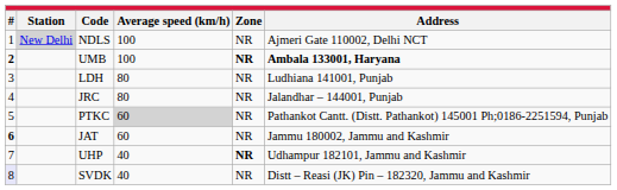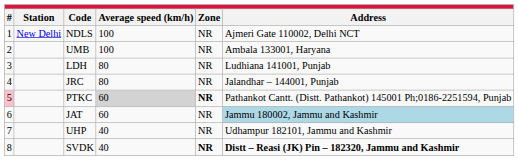 <table class="wikitable">
 <tr>
 <th style="background:#DC143C;" colspan="6"><big></big></th>
 </tr>
 <tr>
 <th><strong>#</strong></th>
 <th><strong>Station</strong></th>
 <th><strong>Code</strong></th>
 <th><strong>Average speed (km/h)</strong></th>
 <th><strong>Zone</strong></th>
 <th><strong>Address</strong></th>
 </tr>
 <tr>
 <td>1</td>
-<td style="background: lightgrey;"><a href='#'>New Delhi</a></td>
+<td><a href='#'>New Delhi</a></td>
 <td>NDLS</td>
 <td>100</td>
 <td>NR</td>
 <td>Ajmeri Gate 110002, Delhi NCT</td>
 </tr>
 <tr>
-<td><strong>2</strong></td>
+<td>2</td>
 <td></td>
 <td>UMB</td>
 <td>100</td>
-<td><strong>NR</strong></td>
-<td><strong>Ambala 133001, Haryana</strong></td>
+<td>NR</td>
+<td>Ambala 133001, Haryana</td>
 </tr>
 <tr>
 <td>3</td>
 <td></td>
 <td>LDH</td>
 <td>80</td>
 <td>NR</td>
 <td>Ludhiana 141001, Punjab</td>
 </tr>
 <tr>
 <td>4</td>
 <td></td>
 <td>JRC</td>
 <td>80</td>
 <td>NR</td>
 <td>Jalandhar – 144001, Punjab</td>
 </tr>
 <tr>
-<td>5</td>
+<td style="background: pink;">5</td>
 <td></td>
 <td>PTKC</td>
 <td style="background: lightgrey;">60</td>
-<td>NR</td>
+<td><strong>NR</strong></td>
 <td>Pathankot Cantt. (Distt. Pathankot) 145001 Ph;0186-2251594, Punjab</td>
 </tr>
 <tr>
-<td><strong>6</strong></td>
+<td>6</td>
 <td></td>
 <td>JAT</td>
 <td>60</td>
 <td>NR</td>
-<td>Jammu 180002, Jammu and Kashmir</td>
+<td style="background: lightblue;">Jammu 180002, Jammu and Kashmir</td>
 </tr>
 <tr>
 <td>7</td>
 <td></td>
 <td>UHP</td>
 <td>40</td>
-<td><strong>NR</strong></td>
+<td>NR</td>
 <td>Udhampur 182101, Jammu and Kashmir</td>
 </tr>
 <tr>
-<td style="background: lavender;">8</td>
+<td>8</td>
 <td></td>
 <td>SVDK</td>
 <td>40</td>
-<td>NR</td>
-<td>Distt – Reasi (JK) Pin – 182320, Jammu and Kashmir</td>
+<td><strong>NR</strong></td>
+<td><strong>Distt – Reasi (JK) Pin – 182320, Jammu and Kashmir</strong></td>
 </tr>
 </table>
